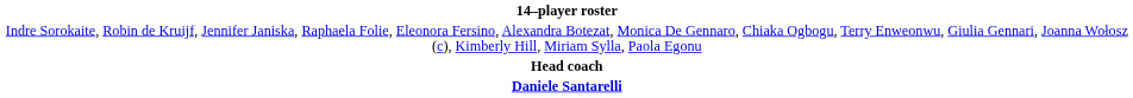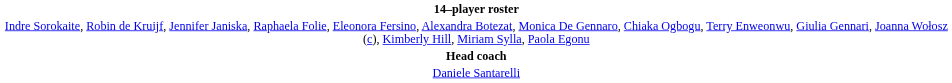 <table style="text-align:center; margin-top:2em; margin-left:auto; margin-right:auto">
 <tr>
 <td><strong>14–player roster</strong></td>
 </tr>
 <tr>
 <td><a href='#'>Indre Sorokaite</a>, <a href='#'>Robin de Kruijf</a>, <a href='#'>Jennifer Janiska</a>, <a href='#'>Raphaela Folie</a>, <a href='#'>Eleonora Fersino</a>, <a href='#'>Alexandra Botezat</a>, <a href='#'>Monica De Gennaro</a>, <a href='#'>Chiaka Ogbogu</a>, <a href='#'>Terry Enweonwu</a>, <a href='#'>Giulia Gennari</a>, <a href='#'>Joanna Wołosz</a> (<a href='#'>c</a>), <a href='#'>Kimberly Hill</a>, <a href='#'>Miriam Sylla</a>, <a href='#'>Paola Egonu</a></td>
 </tr>
 <tr>
 <td><strong>Head coach</strong></td>
 </tr>
 <tr>
-<td><strong><a href='#'>Daniele Santarelli</a></strong></td>
+<td><a href='#'>Daniele Santarelli</a></td>
 </tr>
 </table>
